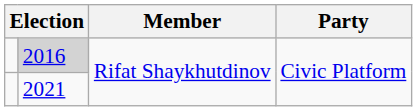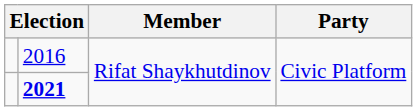 <table class="wikitable">
 <tr>
 <th colspan="2">Election</th>
 <th>Member</th>
 <th>Party</th>
 </tr>
 <tr>
 <td style="background-color: "></td>
-<td style="background: lightgrey;"><a href='#'>2016</a></td>
+<td><a href='#'>2016</a></td>
 <td rowspan=2><a href='#'>Rifat Shaykhutdinov</a></td>
 <td rowspan=2><a href='#'>Civic Platform</a></td>
 </tr>
 <tr>
 <td style="background-color: "></td>
-<td><a href='#'>2021</a></td>
+<td><strong><a href='#'>2021</a></strong></td>
 </tr>
 </table>
